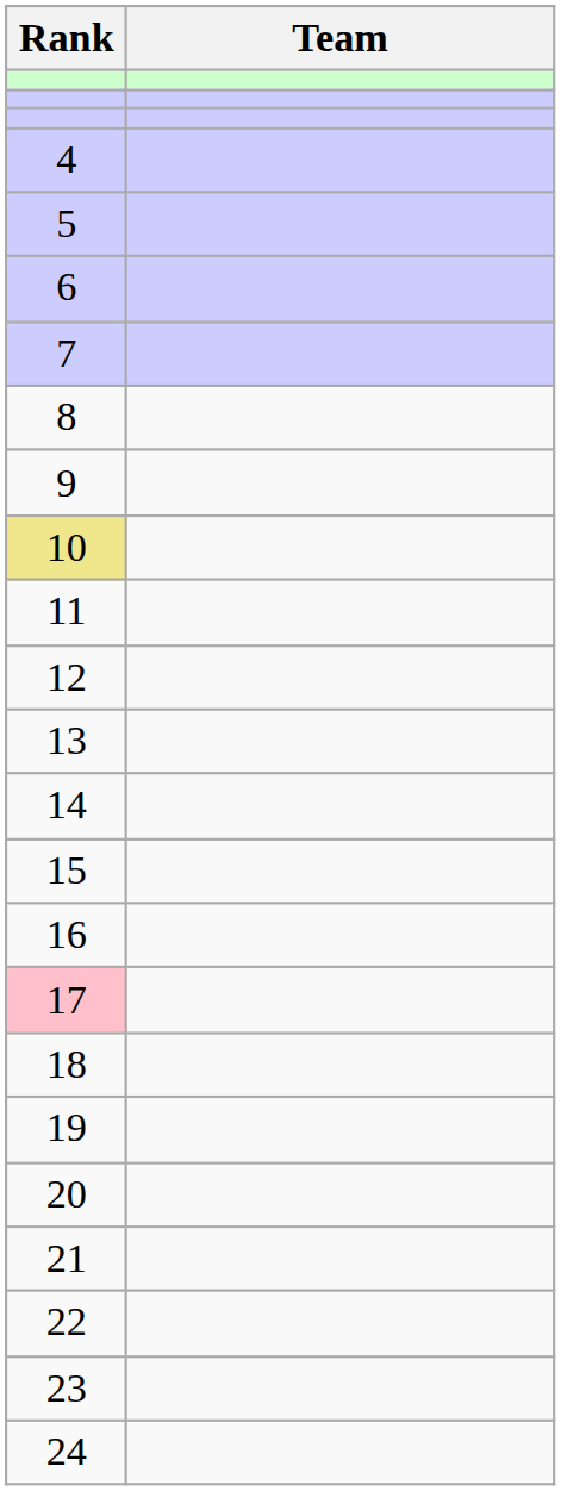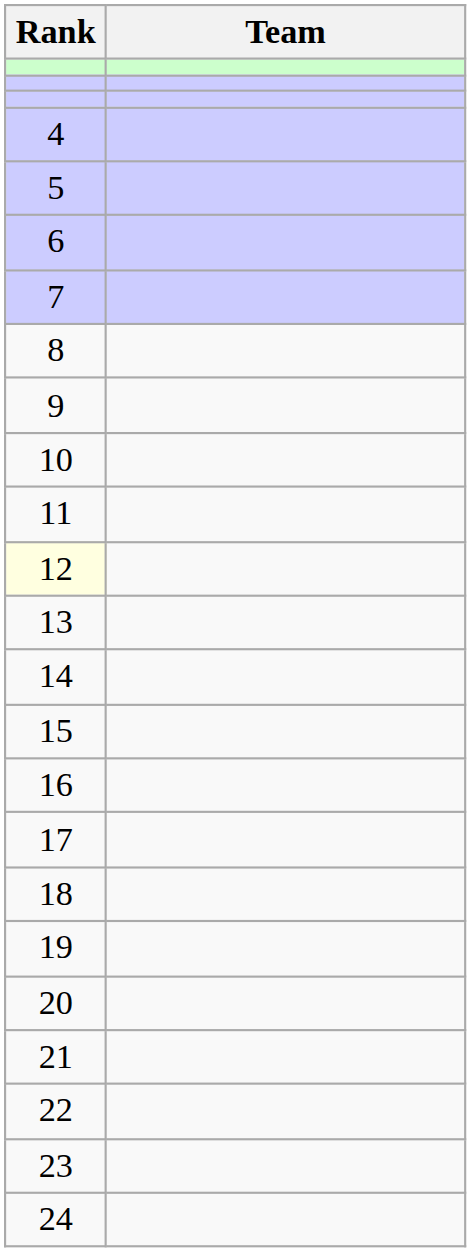 <table class="wikitable">
 <tr>
 <th style="width: 40px;">Rank</th>
 <th style="width: 160px;">Team</th>
 </tr>
 <tr bgcolor=#ccffcc>
 <td align=center></td>
 <td></td>
 </tr>
 <tr bgcolor=#ccccff>
 <td align=center></td>
 <td></td>
 </tr>
 <tr bgcolor=#ccccff>
 <td align=center></td>
 <td></td>
 </tr>
 <tr bgcolor=#ccccff>
 <td align=center>4</td>
 <td></td>
 </tr>
 <tr bgcolor=#ccccff>
 <td align=center>5</td>
 <td></td>
 </tr>
 <tr bgcolor=#ccccff>
 <td align=center>6</td>
 <td></td>
 </tr>
 <tr bgcolor=#ccccff>
 <td align=center>7</td>
 <td></td>
 </tr>
 <tr>
 <td align=center>8</td>
 <td></td>
 </tr>
 <tr>
 <td align=center>9</td>
 <td></td>
 </tr>
 <tr>
-<td align=center style="background: khaki;">10</td>
+<td align=center>10</td>
 <td></td>
 </tr>
 <tr>
 <td align=center>11</td>
 <td></td>
 </tr>
 <tr>
-<td align=center>12</td>
+<td align=center style="background: lightyellow;">12</td>
 <td></td>
 </tr>
 <tr>
 <td align=center>13</td>
 <td></td>
 </tr>
 <tr>
 <td align=center>14</td>
 <td></td>
 </tr>
 <tr>
 <td align=center>15</td>
 <td></td>
 </tr>
 <tr>
 <td align=center>16</td>
 <td></td>
 </tr>
 <tr>
-<td align=center style="background: pink;">17</td>
+<td align=center>17</td>
 <td></td>
 </tr>
 <tr>
 <td align=center>18</td>
 <td></td>
 </tr>
 <tr>
 <td align=center>19</td>
 <td></td>
 </tr>
 <tr>
 <td align=center>20</td>
 <td></td>
 </tr>
 <tr>
 <td align=center>21</td>
 <td></td>
 </tr>
 <tr>
 <td align=center>22</td>
 <td></td>
 </tr>
 <tr>
 <td align=center>23</td>
 <td></td>
 </tr>
 <tr>
 <td align=center>24</td>
 <td></td>
 </tr>
 </table>
